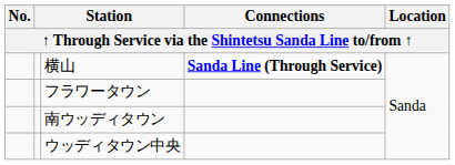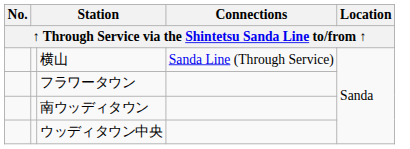 <table class="wikitable">
 <tr>
 <th>No.</th>
 <th colspan="2">Station</th>
 <th>Connections</th>
 <th>Location</th>
 </tr>
 <tr>
 <th colspan="5" align="center">↑ Through Service via the   <a href='#'>Shintetsu Sanda Line</a>  to/from  ↑</th>
 </tr>
 <tr>
 <td></td>
 <td></td>
 <td>横山</td>
-<td><strong> <a href='#'>Sanda Line</a> (Through Service)</strong></td>
+<td> <a href='#'>Sanda Line</a> (Through Service)</td>
 <td rowspan="4">Sanda</td>
 </tr>
 <tr>
 <td></td>
 <td></td>
 <td>フラワータウン</td>
 <td></td>
 </tr>
 <tr>
 <td></td>
 <td></td>
 <td>南ウッディタウン</td>
 <td></td>
 </tr>
 <tr>
 <td></td>
 <td></td>
 <td>ウッディタウン中央</td>
 <td></td>
 </tr>
 </table>
